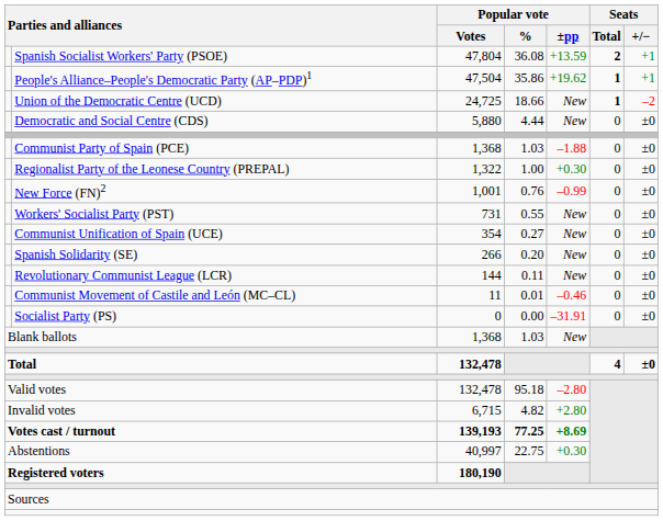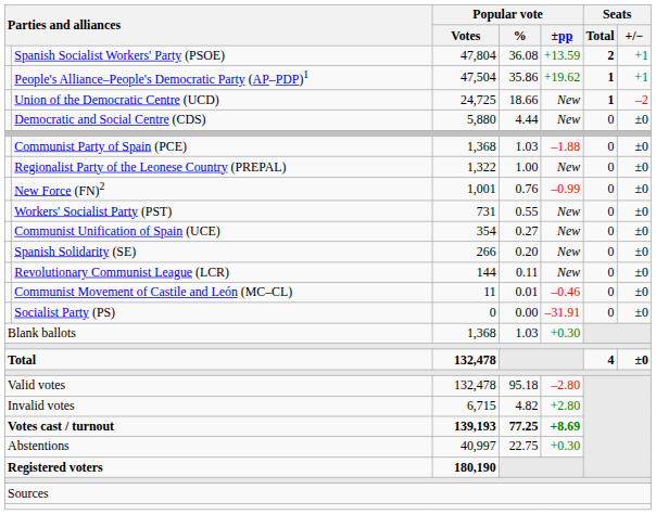 <table class="wikitable" style="text-align:right;">
 <tr>
 <th style="text-align:left;" rowspan="2" colspan="2" width="525">Parties and alliances</th>
 <th colspan="3">Popular vote</th>
 <th colspan="2">Seats</th>
 </tr>
 <tr>
 <th width="75">Votes</th>
 <th width="45">%</th>
 <th width="45">±<a href='#'>pp</a></th>
 <th width="35">Total</th>
 <th width="35">+/−</th>
 </tr>
 <tr>
 <td width="1" style="color:inherit;background:"></td>
 <td align="left"><a href='#'>Spanish Socialist Workers' Party</a> (PSOE)</td>
 <td>47,804</td>
 <td>36.08</td>
 <td style="color:green;">+13.59</td>
 <td><strong>2</strong></td>
 <td style="color:green;">+1</td>
 </tr>
 <tr>
 <td style="color:inherit;background:"></td>
 <td align="left"><a href='#'>People's Alliance–People's Democratic Party</a> (<a href='#'>AP</a>–<a href='#'>PDP</a>)<sup>1</sup></td>
 <td>47,504</td>
 <td>35.86</td>
 <td style="color:green;">+19.62</td>
 <td><strong>1</strong></td>
 <td style="color:green;">+1</td>
 </tr>
 <tr>
 <td style="color:inherit;background:"></td>
 <td align="left"><a href='#'>Union of the Democratic Centre</a> (UCD)</td>
 <td>24,725</td>
 <td>18.66</td>
 <td><em>New</em></td>
 <td><strong>1</strong></td>
 <td style="color:red;">–2</td>
 </tr>
 <tr>
 <td style="color:inherit;background:"></td>
 <td align="left"><a href='#'>Democratic and Social Centre</a> (CDS)</td>
 <td>5,880</td>
 <td>4.44</td>
 <td><em>New</em></td>
 <td>0</td>
 <td>±0</td>
 </tr>
 <tr>
 <td colspan="7" bgcolor="#C0C0C0"></td>
 </tr>
 <tr>
 <td style="color:inherit;background:"></td>
 <td align="left"><a href='#'>Communist Party of Spain</a> (PCE)</td>
 <td>1,368</td>
 <td>1.03</td>
 <td style="color:red;">–1.88</td>
 <td>0</td>
 <td>±0</td>
 </tr>
 <tr>
 <td style="color:inherit;background:"></td>
 <td align="left"><a href='#'>Regionalist Party of the Leonese Country</a> (PREPAL)</td>
 <td>1,322</td>
 <td>1.00</td>
-<td style="color:green;">+0.30</td>
+<td><em>New</em></td>
 <td>0</td>
 <td>±0</td>
 </tr>
 <tr>
 <td style="color:inherit;background:"></td>
 <td align="left"><a href='#'>New Force</a> (FN)<sup>2</sup></td>
 <td>1,001</td>
 <td>0.76</td>
 <td style="color:red;">–0.99</td>
 <td>0</td>
 <td>±0</td>
 </tr>
 <tr>
 <td style="color:inherit;background:"></td>
 <td align="left"><a href='#'>Workers' Socialist Party</a> (PST)</td>
 <td>731</td>
 <td>0.55</td>
 <td><em>New</em></td>
 <td>0</td>
 <td>±0</td>
 </tr>
 <tr>
 <td style="color:inherit;background:"></td>
 <td align="left"><a href='#'>Communist Unification of Spain</a> (UCE)</td>
 <td>354</td>
 <td>0.27</td>
 <td><em>New</em></td>
 <td>0</td>
 <td>±0</td>
 </tr>
 <tr>
 <td style="color:inherit;background:"></td>
 <td align="left"><a href='#'>Spanish Solidarity</a> (SE)</td>
 <td>266</td>
 <td>0.20</td>
 <td><em>New</em></td>
 <td>0</td>
 <td>±0</td>
 </tr>
 <tr>
 <td style="color:inherit;background:"></td>
 <td align="left"><a href='#'>Revolutionary Communist League</a> (LCR)</td>
 <td>144</td>
 <td>0.11</td>
 <td><em>New</em></td>
 <td>0</td>
 <td>±0</td>
 </tr>
 <tr>
 <td style="color:inherit;background:"></td>
 <td align="left"><a href='#'>Communist Movement of Castile and León</a> (MC–CL)</td>
 <td>11</td>
 <td>0.01</td>
 <td style="color:red;">–0.46</td>
 <td>0</td>
 <td>±0</td>
 </tr>
 <tr>
 <td style="color:inherit;background:"></td>
 <td align="left"><a href='#'>Socialist Party</a> (PS)</td>
 <td>0</td>
 <td>0.00</td>
 <td style="color:red;">–31.91</td>
 <td>0</td>
 <td>±0</td>
 </tr>
 <tr>
 <td align="left" colspan="2">Blank ballots</td>
 <td>1,368</td>
 <td>1.03</td>
-<td><em>New</em></td>
+<td style="color:green;">+0.30</td>
 <td bgcolor="#E9E9E9" colspan="2"></td>
 </tr>
 <tr>
 <td colspan="7" bgcolor="#E9E9E9"></td>
 </tr>
 <tr style="font-weight:bold;">
 <td align="left" colspan="2">Total</td>
 <td>132,478</td>
 <td bgcolor="#E9E9E9" colspan="2"></td>
 <td>4</td>
 <td>±0</td>
 </tr>
 <tr>
 <td colspan="7" bgcolor="#E9E9E9"></td>
 </tr>
 <tr>
 <td align="left" colspan="2">Valid votes</td>
 <td>132,478</td>
 <td>95.18</td>
 <td style="color:red;">–2.80</td>
 <td bgcolor="#E9E9E9" colspan="2" rowspan="5"></td>
 </tr>
 <tr>
 <td align="left" colspan="2">Invalid votes</td>
 <td>6,715</td>
 <td>4.82</td>
 <td style="color:green;">+2.80</td>
 </tr>
 <tr style="font-weight:bold;">
 <td align="left" colspan="2">Votes cast / turnout</td>
 <td>139,193</td>
 <td>77.25</td>
 <td style="color:green;">+8.69</td>
 </tr>
 <tr>
 <td align="left" colspan="2">Abstentions</td>
 <td>40,997</td>
 <td>22.75</td>
 <td style="color:green;">+0.30</td>
 </tr>
 <tr style="font-weight:bold;">
 <td align="left" colspan="2">Registered voters</td>
 <td>180,190</td>
 <td bgcolor="#E9E9E9" colspan="2"></td>
 </tr>
 <tr>
 <td colspan="7" bgcolor="#E9E9E9"></td>
 </tr>
 <tr>
 <td align="left" colspan="7">Sources</td>
 </tr>
 <tr>
 <td colspan="7" style="text-align:left; max-width:790px;"></td>
 </tr>
 </table>
